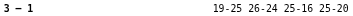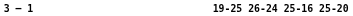 <table width=100% cellspacing=1>
 <tr>
 <th width=20%></th>
 <th width=12%></th>
 <th width=20%></th>
 <th width=33%></th>
 <td></td>
 </tr>
 <tr style=font-size:90%>
 <td align=right><strong></strong></td>
 <td align=center><strong>3 – 1</strong></td>
 <td></td>
-<td>19-25 26-24 25-16 25-20</td>
+<td><strong>19-25 26-24 25-16 25-20</strong></td>
 </tr>
 </table>
